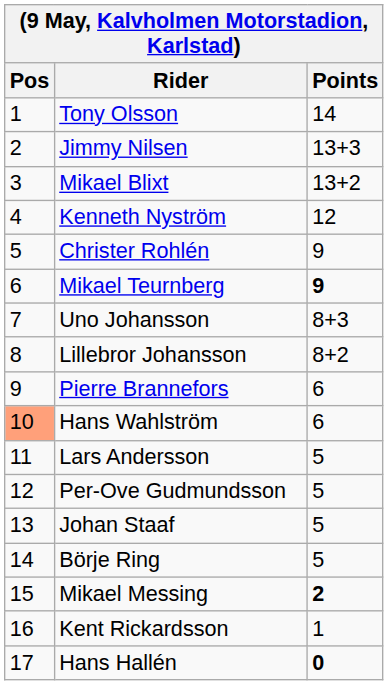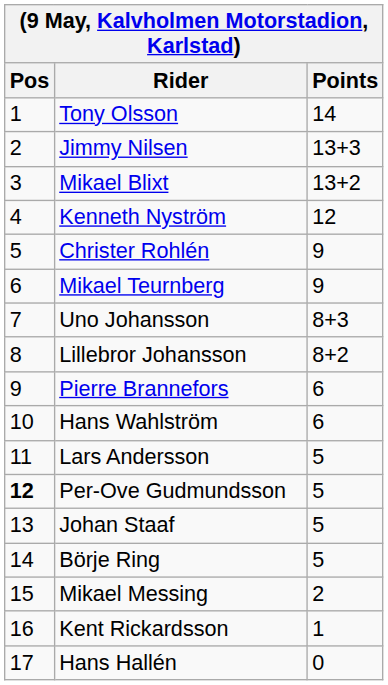 <table class="wikitable">
 <tr>
 <th colspan="6">(9 May, <a href='#'>Kalvholmen Motorstadion</a>, <a href='#'>Karlstad</a>)</th>
 </tr>
 <tr>
 <th width=20>Pos</th>
 <th width=180>Rider</th>
 <th width=40>Points</th>
 </tr>
 <tr>
 <td>1</td>
 <td style="text-align:left;"><a href='#'>Tony Olsson</a></td>
 <td>14</td>
 </tr>
 <tr>
 <td>2</td>
 <td style="text-align:left;"><a href='#'>Jimmy Nilsen</a></td>
 <td>13+3</td>
 </tr>
 <tr>
 <td>3</td>
 <td style="text-align:left;"><a href='#'>Mikael Blixt</a></td>
 <td>13+2</td>
 </tr>
 <tr>
 <td>4</td>
 <td style="text-align:left;"><a href='#'>Kenneth Nyström</a></td>
 <td>12</td>
 </tr>
 <tr>
 <td>5</td>
 <td style="text-align:left;"><a href='#'>Christer Rohlén</a></td>
 <td>9</td>
 </tr>
 <tr>
 <td>6</td>
 <td style="text-align:left;"><a href='#'>Mikael Teurnberg</a></td>
-<td><strong>9</strong></td>
+<td>9</td>
 </tr>
 <tr>
 <td>7</td>
 <td style="text-align:left;">Uno Johansson</td>
 <td>8+3</td>
 </tr>
 <tr>
 <td>8</td>
 <td style="text-align:left;">Lillebror Johansson</td>
 <td>8+2</td>
 </tr>
 <tr>
 <td>9</td>
 <td style="text-align:left;"><a href='#'>Pierre Brannefors</a></td>
 <td>6</td>
 </tr>
 <tr>
-<td style="background: lightsalmon;">10</td>
+<td>10</td>
 <td style="text-align:left;">Hans Wahlström</td>
 <td>6</td>
 </tr>
 <tr>
 <td>11</td>
 <td style="text-align:left;">Lars Andersson</td>
 <td>5</td>
 </tr>
 <tr>
-<td>12</td>
+<td><strong>12</strong></td>
 <td style="text-align:left;">Per-Ove Gudmundsson</td>
 <td>5</td>
 </tr>
 <tr>
 <td>13</td>
 <td style="text-align:left;">Johan Staaf</td>
 <td>5</td>
 </tr>
 <tr>
 <td>14</td>
 <td style="text-align:left;">Börje Ring</td>
 <td>5</td>
 </tr>
 <tr>
 <td>15</td>
 <td style="text-align:left;">Mikael Messing</td>
-<td><strong>2</strong></td>
+<td>2</td>
 </tr>
 <tr>
 <td>16</td>
 <td style="text-align:left;">Kent Rickardsson</td>
 <td>1</td>
 </tr>
 <tr>
 <td>17</td>
 <td style="text-align:left;">Hans Hallén</td>
-<td><strong>0</strong></td>
+<td>0</td>
 </tr>
 </table>
